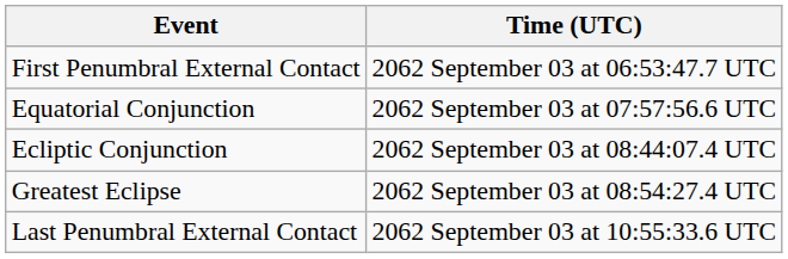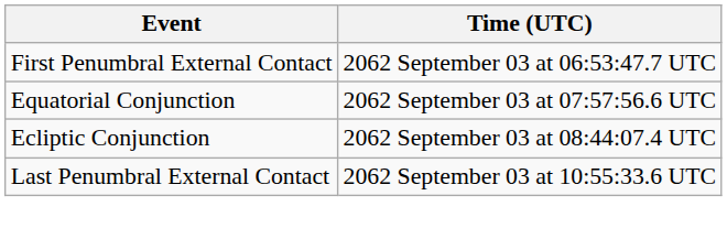 <table class="wikitable">
 <tr>
 <th>Event</th>
 <th>Time (UTC)</th>
 </tr>
 <tr>
 <td>First Penumbral External Contact</td>
 <td>2062 September 03 at 06:53:47.7 UTC</td>
 </tr>
 <tr>
 <td>Equatorial Conjunction</td>
 <td>2062 September 03 at 07:57:56.6 UTC</td>
 </tr>
 <tr>
 <td>Ecliptic Conjunction</td>
 <td>2062 September 03 at 08:44:07.4 UTC</td>
 </tr>
 <tr>
-<td>Greatest Eclipse</td>
-<td>2062 September 03 at 08:54:27.4 UTC</td>
-</tr>
-<tr>
 <td>Last Penumbral External Contact</td>
 <td>2062 September 03 at 10:55:33.6 UTC</td>
 </tr>
 </table>
